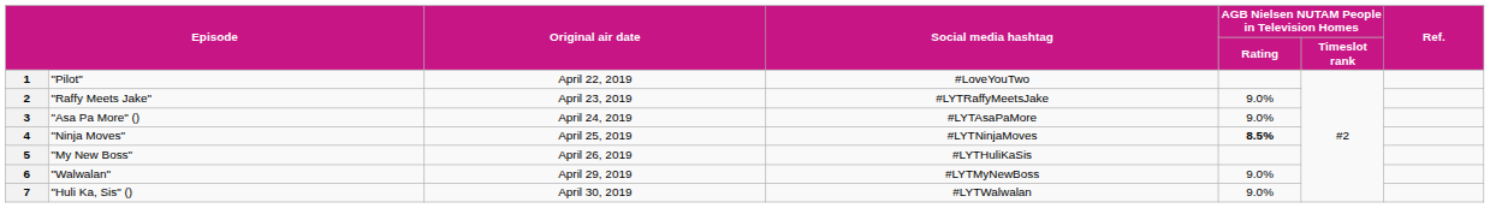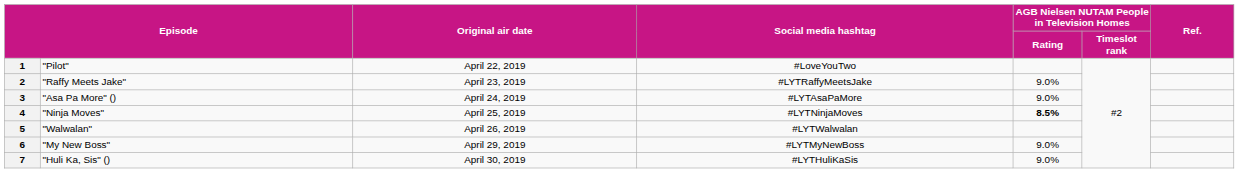 <table class="wikitable" style="text-align:center; font-size:100%; line-height:18px;" width="100%">
 <tr>
 <th style="background-color:#C71585; color:#ffffff;" colspan="2" rowspan="2">Episode</th>
 <th style="background-color:#C71585; color:white" rowspan="2">Original air date</th>
 <th style="background-color:#C71585; color:white" rowspan="2">Social media hashtag</th>
 <th style="background-color:#C71585; color:#ffffff;" colspan="2">AGB Nielsen NUTAM People in Television Homes</th>
 <th style="background-color:#C71585; color:#ffffff;" rowspan="2">Ref.</th>
 </tr>
 <tr>
 <th style="background-color:#C71585; width:75px; color:#ffffff;">Rating</th>
 <th style="background-color:#C71585; width:75px; color:#ffffff;">Timeslot<br>rank</th>
 </tr>
 <tr>
 <th>1</th>
 <td style="text-align: left;">"Pilot"</td>
 <td>April 22, 2019</td>
 <td>#LoveYouTwo</td>
 <td></td>
 <td rowspan="7">#2</td>
 <td></td>
 </tr>
 <tr>
 <th>2</th>
 <td style="text-align: left;">"Raffy Meets Jake"</td>
 <td>April 23, 2019</td>
 <td>#LYTRaffyMeetsJake</td>
 <td>9.0%</td>
 <td></td>
 </tr>
 <tr>
 <th>3</th>
 <td style="text-align: left;">"Asa Pa More" ()</td>
 <td>April 24, 2019</td>
 <td>#LYTAsaPaMore</td>
 <td>9.0%</td>
 <td></td>
 </tr>
 <tr>
 <th>4</th>
 <td style="text-align: left;">"Ninja Moves"</td>
 <td>April 25, 2019</td>
 <td>#LYTNinjaMoves</td>
 <td><strong>8.5%</strong></td>
 <td></td>
 </tr>
 <tr>
 <th>5</th>
-<td style="text-align: left;">"My New Boss"</td>
+<td style="text-align: left;">"Walwalan"</td>
 <td>April 26, 2019</td>
-<td>#LYTHuliKaSis</td>
+<td>#LYTWalwalan</td>
 <td></td>
 <td></td>
 </tr>
 <tr>
 <th>6</th>
-<td style="text-align: left;">"Walwalan"</td>
+<td style="text-align: left;">"My New Boss"</td>
 <td>April 29, 2019</td>
 <td>#LYTMyNewBoss</td>
 <td>9.0%</td>
 <td></td>
 </tr>
 <tr>
 <th>7</th>
 <td style="text-align: left;">"Huli Ka, Sis" ()</td>
 <td>April 30, 2019</td>
-<td>#LYTWalwalan</td>
+<td>#LYTHuliKaSis</td>
 <td>9.0%</td>
 <td></td>
 </tr>
 </table>
